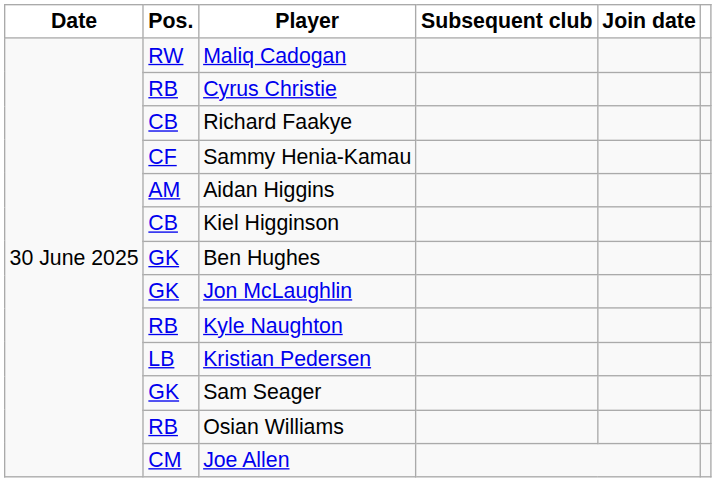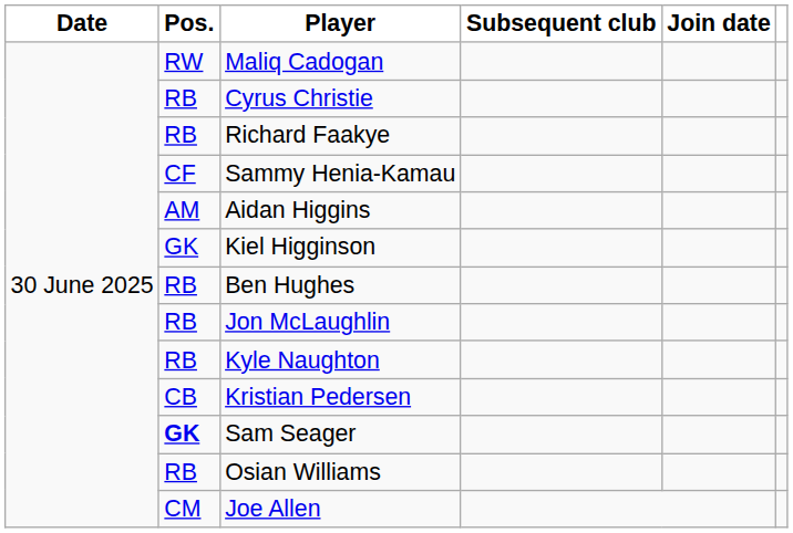 <table class="wikitable plainrowheaders sortable">
 <tr>
 <th style="background-color: white; color:black; ">Date</th>
 <th style="background-color: white; color:black; ">Pos.</th>
 <th style="background-color: white; color:black; ">Player</th>
 <th style="background-color: white; color:black; ">Subsequent club</th>
 <th style="background-color: white; color:black; ">Join date</th>
 <th style="background-color: white; color:black; "></th>
 </tr>
 <tr>
 <td rowspan="13">30 June 2025</td>
 <td><a href='#'>RW</a></td>
 <td> <a href='#'>Maliq Cadogan</a></td>
 <td></td>
 <td></td>
 <td></td>
 </tr>
 <tr>
 <td><a href='#'>RB</a></td>
 <td> <a href='#'>Cyrus Christie</a></td>
 <td></td>
 <td></td>
 <td></td>
 </tr>
 <tr>
-<td><a href='#'>CB</a></td>
+<td><a href='#'>RB</a></td>
 <td> Richard Faakye</td>
 <td></td>
 <td></td>
 <td></td>
 </tr>
 <tr>
 <td><a href='#'>CF</a></td>
 <td> Sammy Henia-Kamau</td>
 <td></td>
 <td></td>
 <td></td>
 </tr>
 <tr>
 <td><a href='#'>AM</a></td>
 <td> Aidan Higgins</td>
 <td></td>
 <td></td>
 <td></td>
 </tr>
 <tr>
-<td><a href='#'>CB</a></td>
+<td><a href='#'>GK</a></td>
 <td> Kiel Higginson</td>
 <td></td>
 <td></td>
 <td></td>
 </tr>
 <tr>
-<td><a href='#'>GK</a></td>
+<td><a href='#'>RB</a></td>
 <td> Ben Hughes</td>
 <td></td>
 <td></td>
 <td></td>
 </tr>
 <tr>
-<td><a href='#'>GK</a></td>
+<td><a href='#'>RB</a></td>
 <td> <a href='#'>Jon McLaughlin</a></td>
 <td></td>
 <td></td>
 <td></td>
 </tr>
 <tr>
 <td><a href='#'>RB</a></td>
 <td> <a href='#'>Kyle Naughton</a></td>
 <td></td>
 <td></td>
 <td></td>
 </tr>
 <tr>
-<td><a href='#'>LB</a></td>
+<td><a href='#'>CB</a></td>
 <td> <a href='#'>Kristian Pedersen</a></td>
 <td></td>
 <td></td>
 <td></td>
 </tr>
 <tr>
-<td><a href='#'>GK</a></td>
+<td><strong><a href='#'>GK</a></strong></td>
 <td> Sam Seager</td>
 <td></td>
 <td></td>
 <td></td>
 </tr>
 <tr>
 <td><a href='#'>RB</a></td>
 <td> Osian Williams</td>
 <td></td>
 <td></td>
 <td></td>
 </tr>
 <tr>
 <td><a href='#'>CM</a></td>
 <td> <a href='#'>Joe Allen</a></td>
 <td colspan="2"></td>
 <td></td>
 </tr>
 </table>
